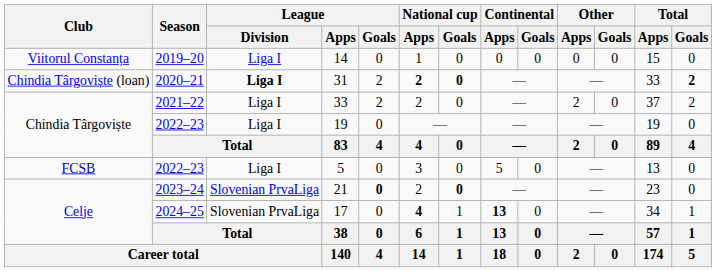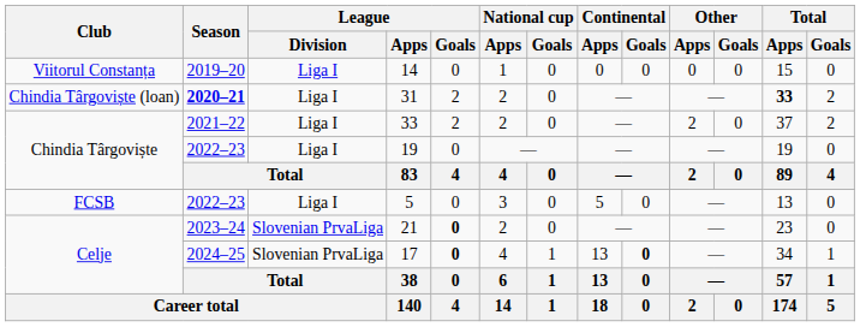 <table class=wikitable style=text-align:center>
 <tr>
 <th rowspan=2>Club</th>
 <th rowspan=2>Season</th>
 <th colspan=3>League</th>
 <th colspan=2>National cup</th>
 <th colspan=2>Continental</th>
 <th colspan=2>Other</th>
 <th colspan=2>Total</th>
 </tr>
 <tr>
 <th>Division</th>
 <th>Apps</th>
 <th>Goals</th>
 <th>Apps</th>
 <th>Goals</th>
 <th>Apps</th>
 <th>Goals</th>
 <th>Apps</th>
 <th>Goals</th>
 <th>Apps</th>
 <th>Goals</th>
 </tr>
 <tr>
 <td><a href='#'>Viitorul Constanța</a></td>
 <td><a href='#'>2019–20</a></td>
 <td><a href='#'>Liga I</a></td>
 <td>14</td>
 <td>0</td>
 <td>1</td>
 <td>0</td>
 <td>0</td>
 <td>0</td>
 <td>0</td>
 <td>0</td>
 <td>15</td>
 <td>0</td>
 </tr>
 <tr>
 <td><a href='#'>Chindia Târgoviște</a> (loan)</td>
-<td><a href='#'>2020–21</a></td>
-<td><strong>Liga I</strong></td>
+<td><strong><a href='#'>2020–21</a></strong></td>
+<td>Liga I</td>
 <td>31</td>
 <td>2</td>
-<td><strong>2</strong></td>
-<td><strong>0</strong></td>
+<td>2</td>
+<td>0</td>
 <td colspan=2>—</td>
 <td colspan=2>—</td>
-<td>33</td>
-<td><strong>2</strong></td>
+<td><strong>33</strong></td>
+<td>2</td>
 </tr>
 <tr>
 <td rowspan="3">Chindia Târgoviște</td>
 <td><a href='#'>2021–22</a></td>
 <td>Liga I</td>
 <td>33</td>
 <td>2</td>
 <td>2</td>
 <td>0</td>
 <td colspan=2>—</td>
 <td>2</td>
 <td>0</td>
 <td>37</td>
 <td>2</td>
 </tr>
 <tr>
 <td><a href='#'>2022–23</a></td>
 <td>Liga I</td>
 <td>19</td>
 <td>0</td>
 <td colspan=2>—</td>
 <td colspan=2>—</td>
 <td colspan=2>—</td>
 <td>19</td>
 <td>0</td>
 </tr>
 <tr>
 <th colspan="2">Total</th>
 <th>83</th>
 <th>4</th>
 <th>4</th>
 <th>0</th>
 <th colspan=2>—</th>
 <th>2</th>
 <th>0</th>
 <th>89</th>
 <th>4</th>
 </tr>
 <tr>
 <td><a href='#'>FCSB</a></td>
 <td><a href='#'>2022–23</a></td>
 <td>Liga I</td>
 <td>5</td>
 <td>0</td>
 <td>3</td>
 <td>0</td>
 <td>5</td>
 <td>0</td>
 <td colspan=2>—</td>
 <td>13</td>
 <td>0</td>
 </tr>
 <tr>
 <td rowspan=3><a href='#'>Celje</a></td>
 <td><a href='#'>2023–24</a></td>
 <td><a href='#'>Slovenian PrvaLiga</a></td>
 <td>21</td>
 <td><strong>0</strong></td>
 <td>2</td>
-<td><strong>0</strong></td>
+<td>0</td>
 <td colspan=2>—</td>
 <td colspan=2>—</td>
 <td>23</td>
 <td>0</td>
 </tr>
 <tr>
 <td><a href='#'>2024–25</a></td>
 <td>Slovenian PrvaLiga</td>
 <td>17</td>
-<td>0</td>
-<td><strong>4</strong></td>
+<td><strong>0</strong></td>
+<td>4</td>
 <td>1</td>
-<td><strong>13</strong></td>
-<td>0</td>
+<td>13</td>
+<td><strong>0</strong></td>
 <td colspan=2>—</td>
 <td>34</td>
 <td>1</td>
 </tr>
 <tr>
 <th colspan="2">Total</th>
 <th>38</th>
 <th>0</th>
 <th>6</th>
 <th>1</th>
 <th>13</th>
 <th>0</th>
 <th colspan=2>—</th>
 <th>57</th>
 <th>1</th>
 </tr>
 <tr>
 <th colspan="3">Career total</th>
 <th>140</th>
 <th>4</th>
 <th>14</th>
 <th>1</th>
 <th>18</th>
 <th>0</th>
 <th>2</th>
 <th>0</th>
 <th>174</th>
 <th>5</th>
 </tr>
 </table>
